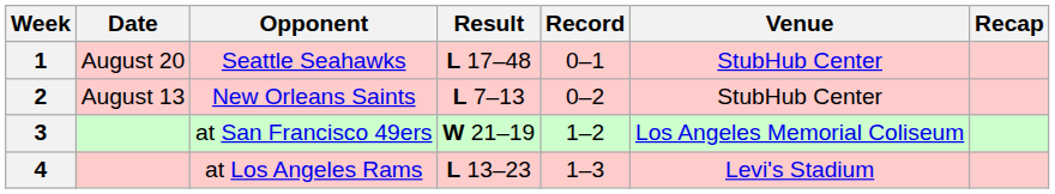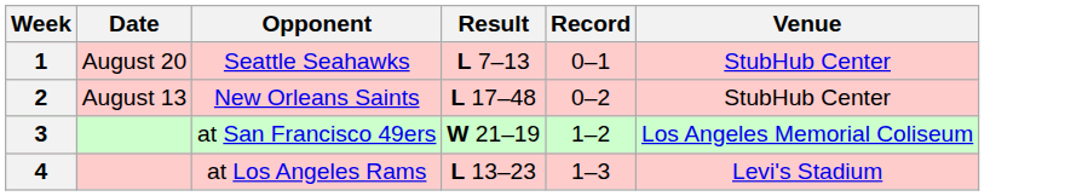 <table class="wikitable" style="text-align:center">
 <tr>
 <th>Week</th>
 <th>Date</th>
 <th>Opponent</th>
 <th>Result</th>
 <th>Record</th>
 <th>Venue</th>
-<th>Recap</th>
 </tr>
 <tr style="background:#fcc">
 <th>1</th>
 <td>August 20</td>
 <td><a href='#'>Seattle Seahawks</a></td>
-<td><strong>L</strong> 17–48</td>
+<td><strong>L</strong> 7–13</td>
 <td>0–1</td>
 <td><a href='#'>StubHub Center</a></td>
-<td></td>
 </tr>
 <tr style="background:#fcc">
 <th>2</th>
 <td>August 13</td>
 <td><a href='#'>New Orleans Saints</a></td>
-<td><strong>L</strong> 7–13</td>
+<td><strong>L</strong> 17–48</td>
 <td>0–2</td>
 <td>StubHub Center</td>
-<td></td>
 </tr>
 <tr style="background:#cfc">
 <th>3</th>
 <td></td>
 <td>at <a href='#'>San Francisco 49ers</a></td>
 <td><strong>W</strong> 21–19</td>
 <td>1–2</td>
 <td><a href='#'>Los Angeles Memorial Coliseum</a></td>
-<td></td>
 </tr>
 <tr style="background:#fcc">
 <th>4</th>
 <td></td>
 <td>at <a href='#'>Los Angeles Rams</a></td>
 <td><strong>L</strong> 13–23</td>
 <td>1–3</td>
 <td><a href='#'>Levi's Stadium</a></td>
-<td></td>
 </tr>
 </table>
